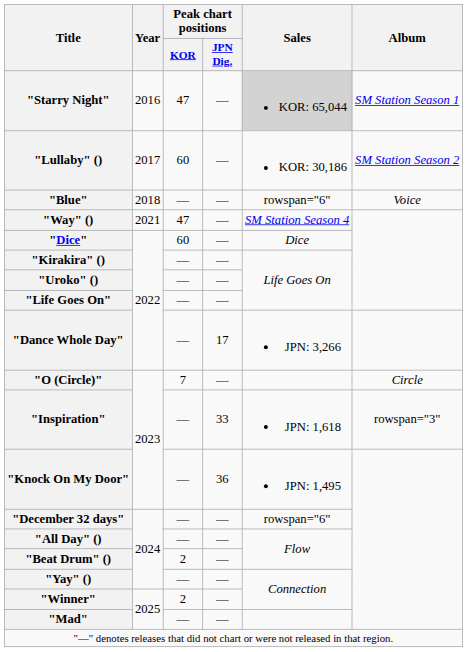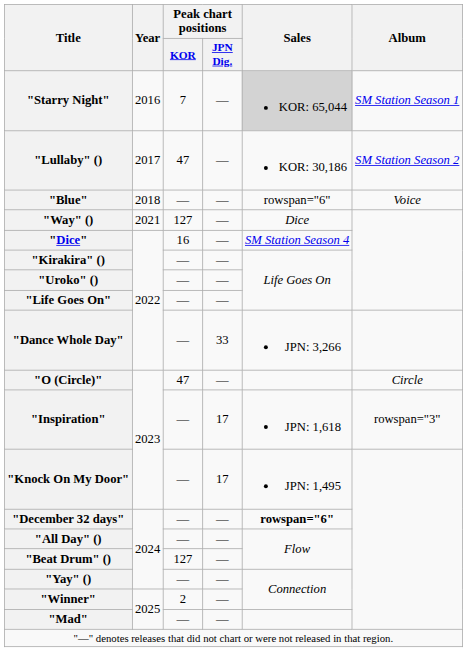 <table class="wikitable plainrowheaders" style="text-align:center;">
 <tr>
 <th scope="col" rowspan="2">Title</th>
 <th scope="col" rowspan="2">Year</th>
 <th scope="col" colspan="2">Peak chart positions</th>
 <th scope="col" rowspan="2">Sales</th>
 <th scope="col" rowspan="2">Album</th>
 </tr>
 <tr>
 <th scope="col" style="width:3em;font-size:90%;"><a href='#'>KOR</a><br></th>
 <th scope="col" style="width:3em;font-size:90%;"><a href='#'>JPN<br>Dig.</a><br></th>
 </tr>
 <tr>
 <th scope="row">"Starry Night"<br></th>
 <td>2016</td>
-<td>47</td>
+<td>7</td>
 <td>—</td>
 <td style="background: lightgrey;"><br><ul><li>KOR: 65,044</li></ul></td>
 <td><em><a href='#'>SM Station Season 1</a></em></td>
 </tr>
 <tr>
 <th scope="row">"Lullaby" ()<br></th>
 <td>2017</td>
-<td>60</td>
+<td>47</td>
 <td>—</td>
 <td><br><ul><li>KOR: 30,186</li></ul></td>
 <td><em><a href='#'>SM Station Season 2</a></em></td>
 </tr>
 <tr>
 <th scope="row">"Blue"</th>
 <td>2018</td>
 <td>—</td>
 <td>—</td>
 <td>rowspan="6" </td>
 <td><em>Voice</em></td>
 </tr>
 <tr>
 <th scope="row">"Way" ()<br></th>
 <td>2021</td>
-<td>47</td>
+<td>127</td>
 <td>—</td>
-<td><em><a href='#'>SM Station Season 4</a></em></td>
+<td><em>Dice</em></td>
 </tr>
 <tr>
 <th scope="row">"<a href='#'>Dice</a>"</th>
 <td rowspan="5">2022</td>
-<td>60</td>
+<td>16</td>
 <td>—</td>
-<td><em>Dice</em></td>
+<td><em><a href='#'>SM Station Season 4</a></em></td>
 </tr>
 <tr>
 <th scope="row">"Kirakira" ()</th>
 <td>—</td>
 <td>—</td>
 <td rowspan="3"><em>Life Goes On</em></td>
 </tr>
 <tr>
 <th scope="row">"Uroko" ()</th>
 <td>—</td>
 <td>—</td>
 </tr>
 <tr>
 <th scope="row">"Life Goes On"</th>
 <td>—</td>
 <td>—</td>
 </tr>
 <tr>
 <th scope="row">"Dance Whole Day"</th>
 <td>—</td>
-<td>17</td>
+<td>33</td>
 <td><br><ul><li>JPN: 3,266</li></ul></td>
 <td></td>
 </tr>
 <tr>
 <th scope="row">"O (Circle)"</th>
 <td rowspan="3">2023</td>
-<td>7</td>
+<td>47</td>
 <td>—</td>
 <td></td>
 <td><em>Circle</em></td>
 </tr>
 <tr>
 <th scope="row">"Inspiration"</th>
 <td>—</td>
-<td>33</td>
+<td>17</td>
 <td><br><ul><li>JPN: 1,618</li></ul></td>
 <td>rowspan="3" </td>
 </tr>
 <tr>
 <th scope="row">"Knock On My Door"</th>
 <td>—</td>
-<td>36</td>
+<td>17</td>
 <td><br><ul><li>JPN: 1,495</li></ul></td>
 </tr>
 <tr>
 <th scope="row">"December 32 days"</th>
 <td rowspan="4">2024</td>
 <td>—</td>
 <td>—</td>
-<td>rowspan="6" </td>
+<td><strong>rowspan="6" </strong></td>
 </tr>
 <tr>
 <th scope="row">"All Day" ()</th>
 <td>—</td>
 <td>—</td>
 <td rowspan="2"><em>Flow</em></td>
 </tr>
 <tr>
 <th scope="row">"Beat Drum" ()</th>
-<td>2</td>
+<td>127</td>
 <td>—</td>
 </tr>
 <tr>
 <th scope="row">"Yay" ()</th>
 <td>—</td>
 <td>—</td>
 <td rowspan="2"><em>Connection</em></td>
 </tr>
 <tr>
 <th scope="row">"Winner"</th>
 <td rowspan="2">2025</td>
 <td>2</td>
 <td>—</td>
 </tr>
 <tr>
 <th scope="row">"Mad"</th>
 <td>—</td>
 <td>—</td>
 <td></td>
 </tr>
 <tr>
 <td colspan="6" style="text-align:center; font-size:85%">"—" denotes releases that did not chart or were not released in that region.</td>
 </tr>
 </table>
